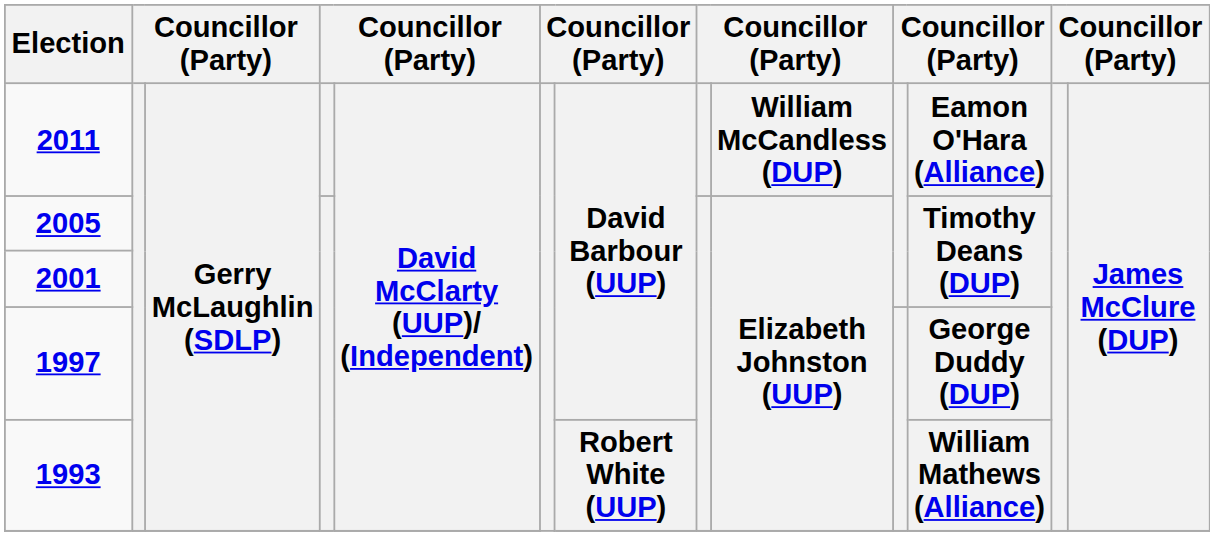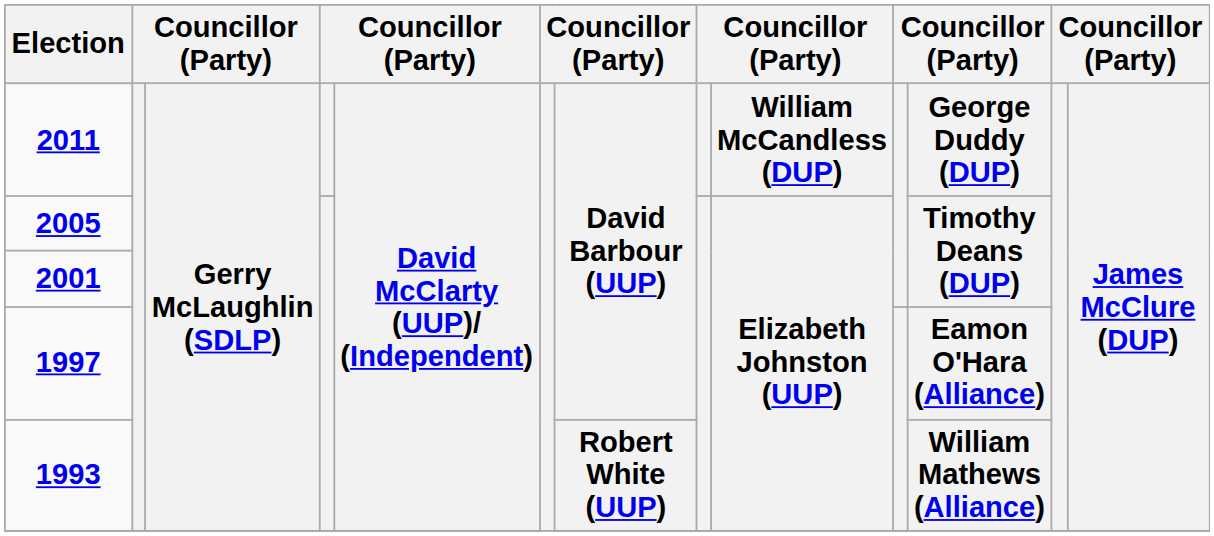 <table class="wikitable" style="text-align:center">
 <tr>
 <th scope="col" width="50">Election</th>
 <th scope="col" width="150" colspan = "2">Councillor<br> (Party)</th>
 <th scope="col" width="150" colspan = "2">Councillor<br> (Party)</th>
 <th scope="col" width="150" colspan = "2">Councillor<br> (Party)</th>
 <th scope="col" width="150" colspan = "2">Councillor<br> (Party)</th>
 <th scope="col" width="150" colspan = "2">Councillor<br> (Party)</th>
 <th scope="col" width="150" colspan = "2">Councillor<br> (Party)</th>
 </tr>
 <tr>
 <td><strong><a href='#'>2011</a></strong></td>
 <th rowspan="5" width="1" style="background-color: "></th>
 <th rowspan = "5">Gerry McLaughlin <br> (<a href='#'>SDLP</a>)</th>
 <th rowspan="1" width="1" style="background-color: "></th>
 <th rowspan = "5"><a href='#'>David McClarty</a> <br> (<a href='#'>UUP</a>)/ <br> (<a href='#'>Independent</a>)</th>
 <th rowspan="7" width="1" style="background-color: "></th>
 <th rowspan = "4">David Barbour <br> (<a href='#'>UUP</a>)</th>
 <th rowspan="1" width="1" style="background-color: "></th>
 <th rowspan = "1">William McCandless <br> (<a href='#'>DUP</a>)</th>
 <th rowspan="3" width="1" style="background-color: "></th>
-<th rowspan = "1">Eamon O'Hara <br> (<a href='#'>Alliance</a>)</th>
+<th rowspan = "1">George Duddy <br> (<a href='#'>DUP</a>)</th>
 <th rowspan="5" width="1" style="background-color: "></th>
 <th rowspan = "5"><a href='#'>James McClure</a> <br> (<a href='#'>DUP</a>)</th>
 </tr>
 <tr>
 <td><strong><a href='#'>2005</a></strong></td>
 <th rowspan="4" width="1" style="background-color: "></th>
 <th rowspan="4" width="1" style="background-color: "></th>
 <th rowspan = "4">Elizabeth Johnston <br> (<a href='#'>UUP</a>)</th>
 <th rowspan = "2">Timothy Deans <br> (<a href='#'>DUP</a>)</th>
 </tr>
 <tr>
 <td><strong><a href='#'>2001</a></strong></td>
 </tr>
 <tr>
 <td><strong><a href='#'>1997</a></strong></td>
 <th rowspan="2" width="1" style="background-color: "></th>
-<th rowspan = "1">George Duddy <br> (<a href='#'>DUP</a>)</th>
+<th rowspan = "1">Eamon O'Hara <br> (<a href='#'>Alliance</a>)</th>
 </tr>
 <tr>
 <td><strong><a href='#'>1993</a></strong></td>
 <th rowspan = "1">Robert White <br> (<a href='#'>UUP</a>)</th>
 <th rowspan = "1">William Mathews <br> (<a href='#'>Alliance</a>)</th>
 </tr>
 <tr>
 </tr>
 </table>
